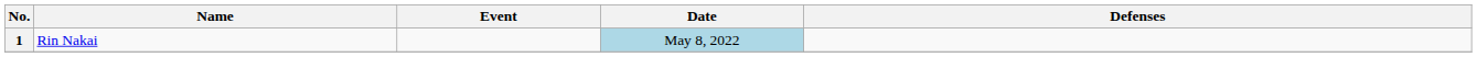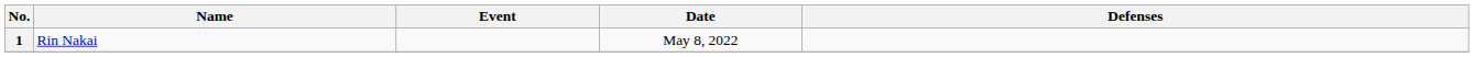 <table class="wikitable" width=100%>
 <tr>
 <th width=1%>No.</th>
 <th width=25%>Name</th>
 <th width=14%>Event</th>
 <th width=14%>Date</th>
 <th width=46%>Defenses</th>
 </tr>
 <tr>
 <th>1</th>
 <td align=left> <a href='#'>Rin Nakai</a><br></td>
 <td align=center><em></em> <br></td>
-<td align=center style="background: lightblue;">May 8, 2022</td>
+<td align=center>May 8, 2022</td>
 <td></td>
 </tr>
 <tr>
 </tr>
 </table>
